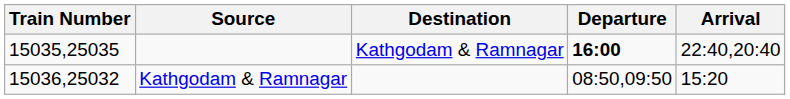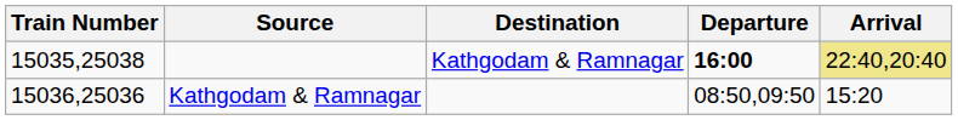 <table class="wikitable">
 <tr>
 <th>Train Number</th>
 <th>Source</th>
 <th>Destination</th>
 <th>Departure</th>
 <th>Arrival</th>
 </tr>
 <tr>
-<td>15035,25035</td>
+<td>15035,25038</td>
 <td></td>
 <td><a href='#'>Kathgodam</a> & <a href='#'>Ramnagar</a></td>
 <td><strong>16:00</strong></td>
-<td>22:40,20:40</td>
+<td style="background: khaki;">22:40,20:40</td>
 </tr>
 <tr>
-<td>15036,25032</td>
+<td>15036,25036</td>
 <td><a href='#'>Kathgodam</a> & <a href='#'>Ramnagar</a></td>
 <td></td>
 <td>08:50,09:50</td>
 <td>15:20</td>
 </tr>
 </table>
